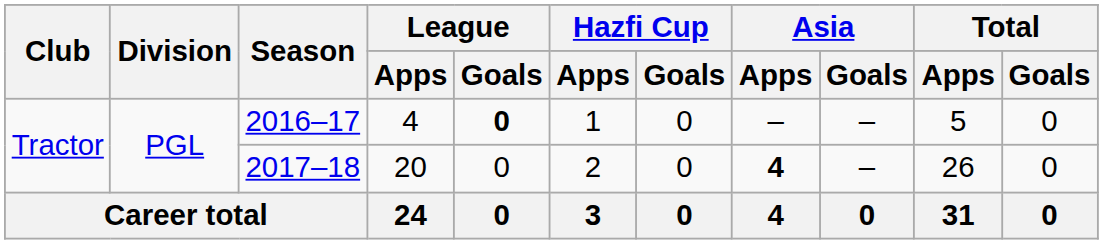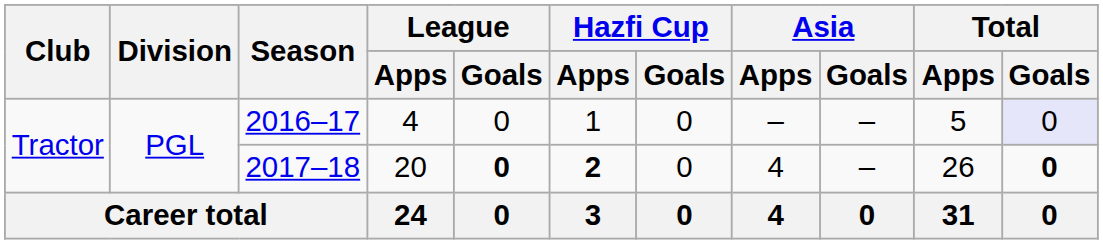 <table class="wikitable" style="text-align: center;">
 <tr>
 <th rowspan="2">Club</th>
 <th rowspan="2">Division</th>
 <th rowspan="2">Season</th>
 <th colspan="2">League</th>
 <th colspan="2"><a href='#'>Hazfi Cup</a></th>
 <th colspan="2"><a href='#'>Asia</a></th>
 <th colspan="2">Total</th>
 </tr>
 <tr>
 <th>Apps</th>
 <th>Goals</th>
 <th>Apps</th>
 <th>Goals</th>
 <th>Apps</th>
 <th>Goals</th>
 <th>Apps</th>
 <th>Goals</th>
 </tr>
 <tr>
 <td rowspan="2"><a href='#'>Tractor</a></td>
 <td rowspan="2"><a href='#'>PGL</a></td>
 <td><a href='#'>2016–17</a></td>
 <td>4</td>
-<td><strong>0</strong></td>
+<td>0</td>
 <td>1</td>
 <td>0</td>
 <td>–</td>
 <td>–</td>
 <td>5</td>
-<td>0</td>
+<td style="background: lavender;">0</td>
 </tr>
 <tr>
 <td><a href='#'>2017–18</a></td>
 <td>20</td>
+<td><strong>0</strong></td>
+<td><strong>2</strong></td>
 <td>0</td>
-<td>2</td>
-<td>0</td>
-<td><strong>4</strong></td>
+<td>4</td>
 <td>–</td>
 <td>26</td>
-<td>0</td>
+<td><strong>0</strong></td>
 </tr>
 <tr>
 <th colspan=3>Career total</th>
 <th>24</th>
 <th>0</th>
 <th>3</th>
 <th>0</th>
 <th>4</th>
 <th>0</th>
 <th>31</th>
 <th>0</th>
 </tr>
 </table>
